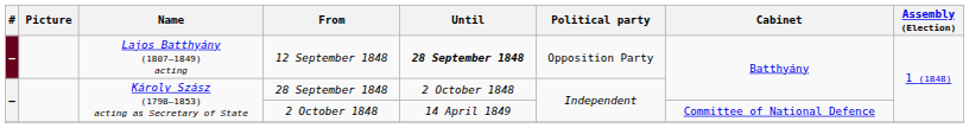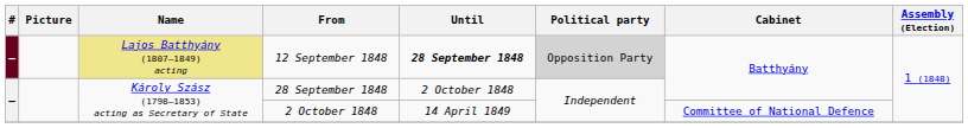 <table width=90% class="wikitable" style="text-align:center">
 <tr>
 <th>#</th>
 <th>Picture</th>
 <th>Name</th>
 <th>From</th>
 <th>Until</th>
 <th>Political party</th>
 <th>Cabinet</th>
 <th><a href='#'>Assembly</a><br><small>(Election)</small></th>
 </tr>
 <tr>
 <th style="background-color:#68001D; color:white">—</th>
 <td></td>
-<td><em><a href='#'>Lajos Batthyány</a></em><br><small>(1807–1849)<br><em>acting</em></small></td>
+<td style="background: khaki;"><em><a href='#'>Lajos Batthyány</a></em><br><small>(1807–1849)<br><em>acting</em></small></td>
 <td><em>12 September 1848</em></td>
 <td><strong><em>28 September 1848</em></strong></td>
-<td>Opposition Party</td>
+<td style="background: lightgrey;">Opposition Party</td>
 <td rowspan="2"><a href='#'>Batthyány</a></td>
 <td rowspan="3"><a href='#'>1 <small>(1848)</small></a></td>
 </tr>
 <tr>
 <th rowspan="2" style="background:">—</th>
 <td rowspan="2"></td>
 <td rowspan="2"><em><a href='#'>Károly Szász</a></em><br><small>(1798–1853)<br><em>acting as Secretary of State</em></small></td>
 <td><em>28 September 1848</em></td>
 <td><em>2 October 1848</em></td>
 <td rowspan="2"><em>Independent</em></td>
 </tr>
 <tr>
 <td><em>2 October 1848</em></td>
 <td><em>14 April 1849</em></td>
 <td><a href='#'>Committee of National Defence</a></td>
 </tr>
 <tr>
 </tr>
 </table>
